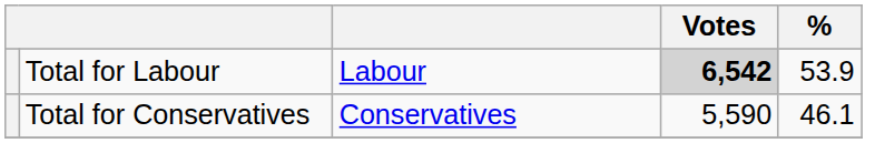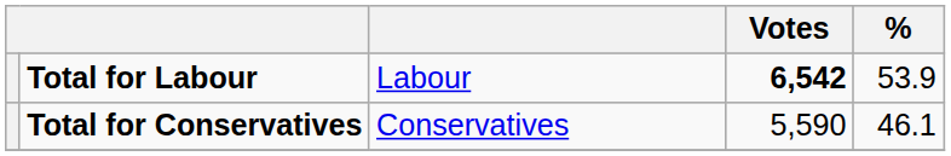 <table class="wikitable">
 <tr>
 <th valign=top colspan="2" style="width: 180px"></th>
 <th valign=top style="width: 180px"></th>
 <th valign=top style="width: 60px">Votes</th>
 <th valign=top style="width: 40px">%</th>
 </tr>
 <tr>
 <th style="background-color: "></th>
-<td>Total for Labour</td>
+<td><strong>Total for Labour</strong></td>
 <td><a href='#'>Labour</a></td>
-<td align="right" style="background: lightgrey;"><strong>6,542</strong></td>
+<td align="right"><strong>6,542</strong></td>
 <td align="right">53.9</td>
 </tr>
 <tr>
 <th style="background-color: "></th>
-<td>Total for Conservatives</td>
+<td><strong>Total for Conservatives</strong></td>
 <td><a href='#'>Conservatives</a></td>
 <td align="right">5,590</td>
 <td align="right">46.1</td>
 </tr>
 <tr>
 </tr>
 </table>
